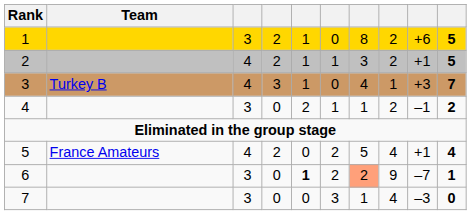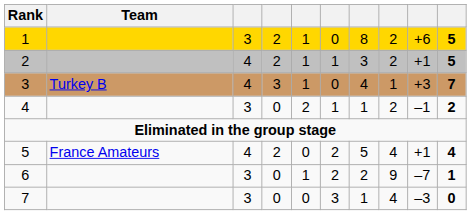 <table class="wikitable" style="text-align:center">
 <tr>
 <th width=20>Rank</th>
 <th width=200>Team</th>
 <th width="25"></th>
 <th width="25"></th>
 <th width="25"></th>
 <th width="25"></th>
 <th width="25"></th>
 <th width="25"></th>
 <th width="25"></th>
 <th width="25"></th>
 </tr>
 <tr style="background:gold;">
 <td>1</td>
 <td style="text-align:left"></td>
 <td>3</td>
 <td>2</td>
 <td>1</td>
 <td>0</td>
 <td>8</td>
 <td>2</td>
 <td>+6</td>
 <td><strong>5</strong></td>
 </tr>
 <tr style="background:silver">
 <td>2</td>
 <td style="text-align:left"></td>
 <td>4</td>
 <td>2</td>
 <td>1</td>
 <td>1</td>
 <td>3</td>
 <td>2</td>
 <td>+1</td>
 <td><strong>5</strong></td>
 </tr>
 <tr style="background:#cc9966">
 <td>3</td>
 <td style="text-align:left"> <a href='#'>Turkey B</a></td>
 <td>4</td>
 <td>3</td>
 <td>1</td>
 <td>0</td>
 <td>4</td>
 <td>1</td>
 <td>+3</td>
 <td><strong>7</strong></td>
 </tr>
 <tr>
 <td>4</td>
 <td style="text-align:left"></td>
 <td>3</td>
 <td>0</td>
 <td>2</td>
 <td>1</td>
 <td>1</td>
 <td>2</td>
 <td>–1</td>
 <td><strong>2</strong></td>
 </tr>
 <tr>
 <td colspan=14><strong>Eliminated in the group stage</strong></td>
 </tr>
 <tr>
 <td>5</td>
 <td style="text-align:left"> <a href='#'>France Amateurs</a></td>
 <td>4</td>
 <td>2</td>
 <td>0</td>
 <td>2</td>
 <td>5</td>
 <td>4</td>
 <td>+1</td>
 <td><strong>4</strong></td>
 </tr>
 <tr>
 <td>6</td>
 <td style="text-align:left"></td>
 <td>3</td>
 <td>0</td>
-<td><strong>1</strong></td>
+<td>1</td>
 <td>2</td>
-<td style="background: lightsalmon;">2</td>
+<td>2</td>
 <td>9</td>
 <td>–7</td>
 <td><strong>1</strong></td>
 </tr>
 <tr>
 <td>7</td>
 <td style="text-align:left"></td>
 <td>3</td>
 <td>0</td>
 <td>0</td>
 <td>3</td>
 <td>1</td>
 <td>4</td>
 <td>–3</td>
 <td><strong>0</strong></td>
 </tr>
 </table>
